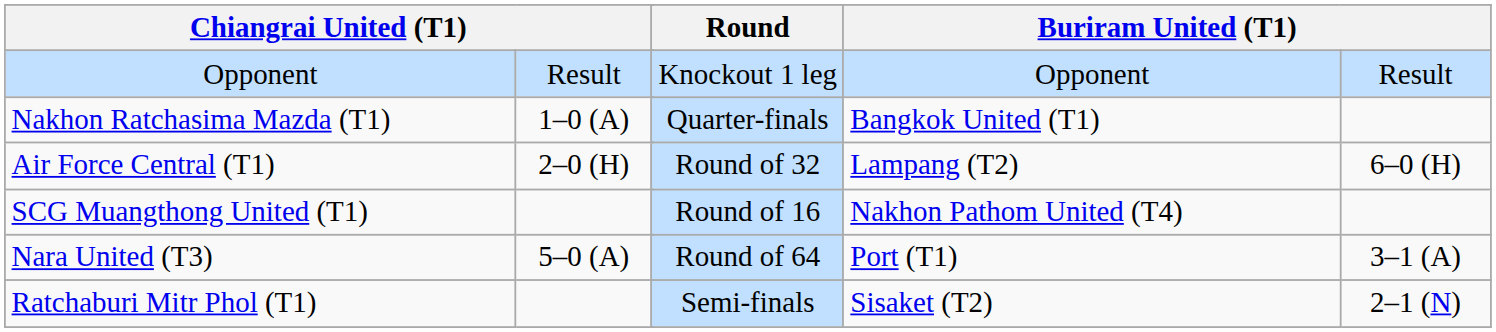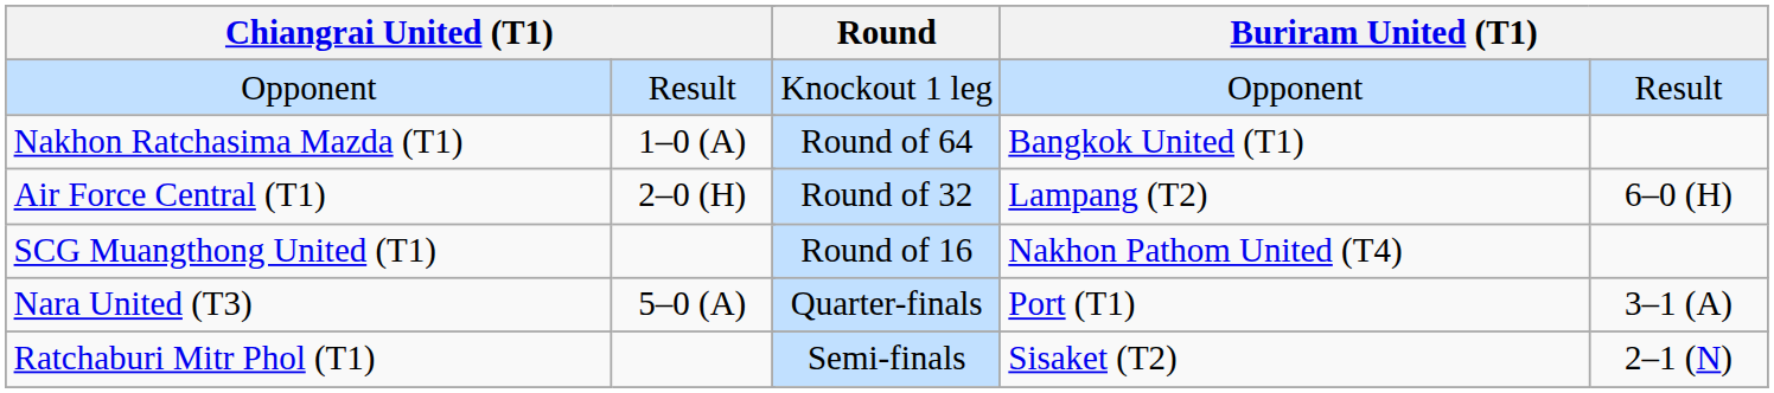 <table class="wikitable" style="text-align:center">
 <tr>
 <th colspan=4 width="350"><a href='#'>Chiangrai United</a> (T1)</th>
 <th>Round</th>
 <th colspan=4 width="350"><a href='#'>Buriram United</a> (T1)</th>
 </tr>
 <tr style="background:#C1E0FF">
 <td>Opponent</td>
 <td colspan=3>Result</td>
 <td>Knockout 1 leg</td>
 <td>Opponent</td>
 <td colspan=3>Result</td>
 </tr>
 <tr>
 <td align=left><a href='#'>Nakhon Ratchasima Mazda</a> (T1)</td>
 <td colspan=3>1–0 (A)</td>
-<td style="background:#C1E0FF">Quarter-finals</td>
+<td style="background:#C1E0FF">Round of 64</td>
 <td align=left><a href='#'>Bangkok United</a> (T1)</td>
 <td colspan=3></td>
 </tr>
 <tr>
 <td align=left><a href='#'>Air Force Central</a> (T1)</td>
 <td colspan=3>2–0 (H)</td>
 <td style="background:#C1E0FF">Round of 32</td>
 <td align=left><a href='#'>Lampang</a> (T2)</td>
 <td colspan=3>6–0 (H)</td>
 </tr>
 <tr>
 <td align=left><a href='#'>SCG Muangthong United</a> (T1)</td>
 <td colspan=3></td>
 <td style="background:#C1E0FF">Round of 16</td>
 <td align=left><a href='#'>Nakhon Pathom United</a> (T4)</td>
 <td colspan=3></td>
 </tr>
 <tr>
 <td align=left><a href='#'>Nara United</a> (T3)</td>
 <td colspan=3>5–0 (A)</td>
-<td style="background:#C1E0FF">Round of 64</td>
+<td style="background:#C1E0FF">Quarter-finals</td>
 <td align=left><a href='#'>Port</a> (T1)</td>
 <td colspan=3>3–1 (A)</td>
 </tr>
 <tr>
 <td align=left><a href='#'>Ratchaburi Mitr Phol</a> (T1)</td>
 <td colspan=3></td>
 <td style="background:#C1E0FF">Semi-finals</td>
 <td align=left><a href='#'>Sisaket</a> (T2)</td>
 <td colspan=3>2–1 (<a href='#'>N</a>)</td>
 </tr>
 </table>
